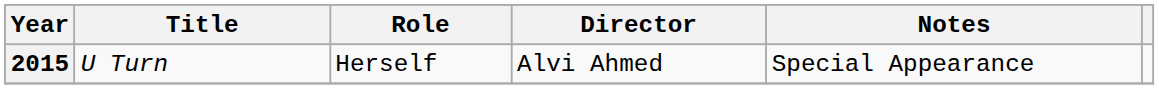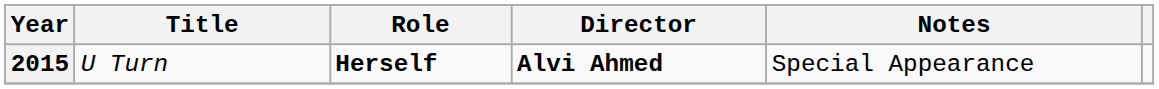 <table class="wikitable plainrowheaders sortable">
 <tr>
 <th scope="col">Year</th>
 <th scope="col" style="width: 10em;">Title</th>
 <th scope="col" style="width: 7em;">Role</th>
 <th scope="col" style="width: 10em;">Director</th>
 <th scope="col" style="width: 15em;" class="unsortable">Notes</th>
 <th scope="col" class="unsortable"></th>
 </tr>
 <tr>
 <th scope=row>2015</th>
 <td><em>U Turn</em></td>
-<td>Herself</td>
-<td>Alvi Ahmed</td>
+<td><strong>Herself</strong></td>
+<td><strong>Alvi Ahmed</strong></td>
 <td>Special Appearance</td>
 <td></td>
 </tr>
 <tr>
 </tr>
 </table>
